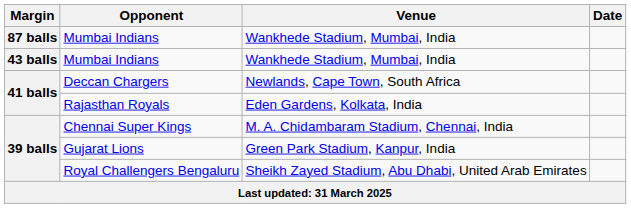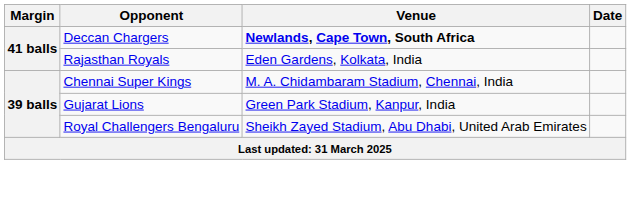 <table class="wikitable sortable" style="text-align:left;font-size:96%;">
 <tr>
 <th>Margin</th>
 <th>Opponent</th>
 <th>Venue</th>
 <th>Date</th>
 </tr>
 <tr>
-<th>87 balls</th>
-<td><a href='#'>Mumbai Indians</a></td>
-<td><a href='#'>Wankhede Stadium</a>, <a href='#'>Mumbai</a>, India</td>
-<td></td>
-</tr>
-<tr>
-<th>43 balls</th>
-<td><a href='#'>Mumbai Indians</a></td>
-<td><a href='#'>Wankhede Stadium</a>, <a href='#'>Mumbai</a>, India</td>
-<td></td>
-</tr>
-<tr>
 <th rowspan=2>41 balls</th>
 <td><a href='#'>Deccan Chargers</a></td>
-<td><a href='#'>Newlands</a>, <a href='#'>Cape Town</a>, South Africa</td>
+<td><strong><a href='#'>Newlands</a>, <a href='#'>Cape Town</a>, South Africa</strong></td>
 <td></td>
 </tr>
 <tr>
 <td><a href='#'>Rajasthan Royals</a></td>
 <td><a href='#'>Eden Gardens</a>, <a href='#'>Kolkata</a>, India</td>
 <td></td>
 </tr>
 <tr>
 <th rowspan=3>39 balls</th>
 <td><a href='#'>Chennai Super Kings</a></td>
 <td><a href='#'>M. A. Chidambaram Stadium</a>, <a href='#'>Chennai</a>, India</td>
 <td></td>
 </tr>
 <tr>
 <td><a href='#'>Gujarat Lions</a></td>
 <td><a href='#'>Green Park Stadium</a>, <a href='#'>Kanpur</a>, India</td>
 <td></td>
 </tr>
 <tr>
 <td><a href='#'>Royal Challengers Bengaluru</a></td>
 <td><a href='#'>Sheikh Zayed Stadium</a>, <a href='#'>Abu Dhabi</a>, United Arab Emirates</td>
 <td></td>
 </tr>
 <tr class="sortbottom">
 <th colspan="4"><small>Last updated: 31 March 2025</small></th>
 </tr>
 </table>
